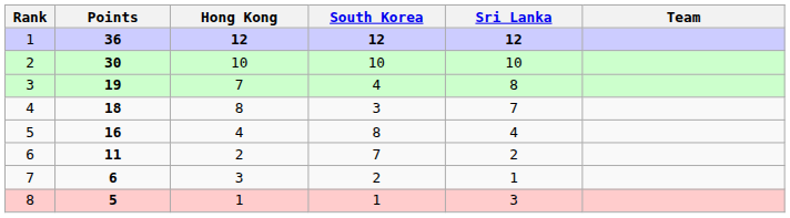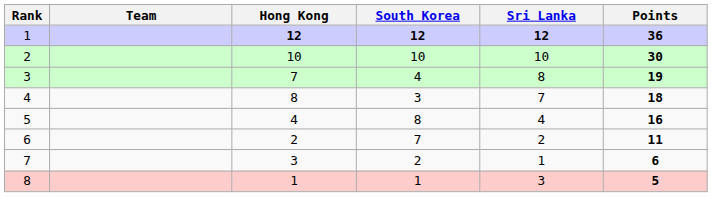 <table class="wikitable" style="text-align: center;">
 <tr>
 <th width=40>Rank</th>
-<th width=100>Points</th>
+<th width=180>Team</th>
 <th width=120>Hong Kong</th>
 <th width=120><a href='#'>South Korea</a></th>
 <th width=120><a href='#'>Sri Lanka</a></th>
-<th width=180>Team</th>
+<th width=100>Points</th>
 </tr>
 <tr bgcolor=ccccff>
 <td>1</td>
-<td><strong>36</strong></td>
+<td align=left></td>
 <td><strong>12</strong></td>
 <td><strong>12</strong></td>
 <td><strong>12</strong></td>
-<td align=left></td>
+<td><strong>36</strong></td>
 </tr>
 <tr bgcolor=ccffcc>
 <td>2</td>
-<td><strong>30</strong></td>
+<td align=left></td>
 <td>10</td>
 <td>10</td>
 <td>10</td>
-<td align=left></td>
+<td><strong>30</strong></td>
 </tr>
 <tr bgcolor=ccffcc>
 <td>3</td>
-<td><strong>19</strong></td>
+<td align=left></td>
 <td>7</td>
 <td>4</td>
 <td>8</td>
-<td align=left></td>
+<td><strong>19</strong></td>
 </tr>
 <tr>
 <td>4</td>
-<td><strong>18</strong></td>
+<td align=left></td>
 <td>8</td>
 <td>3</td>
 <td>7</td>
-<td align=left></td>
+<td><strong>18</strong></td>
 </tr>
 <tr>
 <td>5</td>
-<td><strong>16</strong></td>
+<td align=left></td>
 <td>4</td>
 <td>8</td>
 <td>4</td>
-<td align=left></td>
+<td><strong>16</strong></td>
 </tr>
 <tr>
 <td>6</td>
-<td><strong>11</strong></td>
+<td align=left></td>
 <td>2</td>
 <td>7</td>
 <td>2</td>
-<td align=left></td>
+<td><strong>11</strong></td>
 </tr>
 <tr>
 <td>7</td>
-<td><strong>6</strong></td>
+<td align=left></td>
 <td>3</td>
 <td>2</td>
 <td>1</td>
-<td align=left></td>
+<td><strong>6</strong></td>
 </tr>
 <tr bgcolor=ffcccc>
 <td>8</td>
-<td><strong>5</strong></td>
+<td align=left></td>
 <td>1</td>
 <td>1</td>
 <td>3</td>
-<td align=left></td>
+<td><strong>5</strong></td>
 </tr>
 </table>
